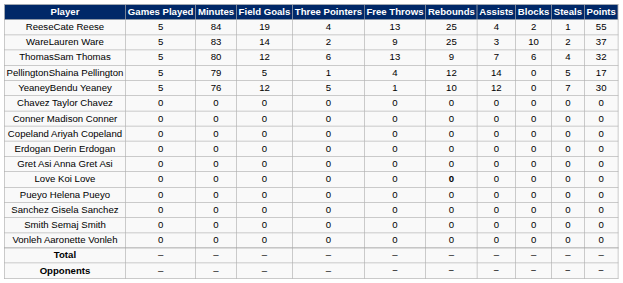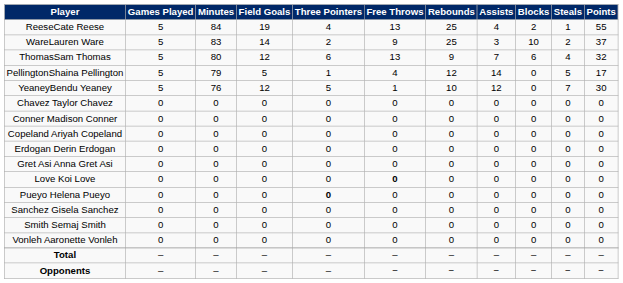 <table class="wikitable sortable">
 <tr align="center"  style="background:#002868;color:#FFFFFF;">
 <td><strong>Player</strong></td>
 <td><strong>Games Played</strong></td>
 <td><strong>Minutes</strong></td>
 <td><strong>Field Goals</strong></td>
 <td><strong>Three Pointers</strong></td>
 <td><strong>Free Throws</strong></td>
 <td><strong>Rebounds</strong></td>
 <td><strong>Assists</strong></td>
 <td><strong>Blocks</strong></td>
 <td><strong>Steals</strong></td>
 <td><strong>Points</strong></td>
 </tr>
 <tr align="center" bgcolor="">
 <td><span>Reese</span>Cate Reese</td>
 <td>5</td>
 <td>84</td>
 <td>19</td>
 <td>4</td>
 <td>13</td>
 <td>25</td>
 <td>4</td>
 <td>2</td>
 <td>1</td>
 <td>55</td>
 </tr>
 <tr align="center" bgcolor="">
 <td><span>Ware</span>Lauren Ware</td>
 <td>5</td>
 <td>83</td>
 <td>14</td>
 <td>2</td>
 <td>9</td>
 <td>25</td>
 <td>3</td>
 <td>10</td>
 <td>2</td>
 <td>37</td>
 </tr>
 <tr align="center" bgcolor="">
 <td><span>Thomas</span>Sam Thomas</td>
 <td>5</td>
 <td>80</td>
 <td>12</td>
 <td>6</td>
 <td>13</td>
 <td>9</td>
 <td>7</td>
 <td>6</td>
 <td>4</td>
 <td>32</td>
 </tr>
 <tr align="center" bgcolor="">
 <td><span>Pellington</span>Shaina Pellington</td>
 <td>5</td>
 <td>79</td>
 <td>5</td>
 <td>1</td>
 <td>4</td>
 <td>12</td>
 <td>14</td>
 <td>0</td>
 <td>5</td>
 <td>17</td>
 </tr>
 <tr align="center" bgcolor="">
 <td><span>Yeaney</span>Bendu Yeaney</td>
 <td>5</td>
 <td>76</td>
 <td>12</td>
 <td>5</td>
 <td>1</td>
 <td>10</td>
 <td>12</td>
 <td>0</td>
 <td>7</td>
 <td>30</td>
 </tr>
 <tr align="center" bgcolor="">
 <td><span>Chavez</span> Taylor Chavez</td>
 <td>0</td>
 <td>0</td>
 <td>0</td>
 <td>0</td>
 <td>0</td>
 <td>0</td>
 <td>0</td>
 <td>0</td>
 <td>0</td>
 <td>0</td>
 </tr>
 <tr align="center" bgcolor="">
 <td><span>Conner</span> Madison Conner</td>
 <td>0</td>
 <td>0</td>
 <td>0</td>
 <td>0</td>
 <td>0</td>
 <td>0</td>
 <td>0</td>
 <td>0</td>
 <td>0</td>
 <td>0</td>
 </tr>
 <tr align="center" bgcolor="">
 <td><span>Copeland</span> Ariyah Copeland</td>
 <td>0</td>
 <td>0</td>
 <td>0</td>
 <td>0</td>
 <td>0</td>
 <td>0</td>
 <td>0</td>
 <td>0</td>
 <td>0</td>
 <td>0</td>
 </tr>
 <tr align="center" bgcolor="">
 <td><span>Erdogan</span> Derin Erdogan</td>
 <td>0</td>
 <td>0</td>
 <td>0</td>
 <td>0</td>
 <td>0</td>
 <td>0</td>
 <td>0</td>
 <td>0</td>
 <td>0</td>
 <td>0</td>
 </tr>
 <tr align="center" bgcolor="">
 <td><span> Gret Asi </span> Anna Gret Asi</td>
 <td>0</td>
 <td>0</td>
 <td>0</td>
 <td>0</td>
 <td>0</td>
 <td>0</td>
 <td>0</td>
 <td>0</td>
 <td>0</td>
 <td>0</td>
 </tr>
 <tr align="center" bgcolor="">
 <td><span>Love</span> Koi Love</td>
 <td>0</td>
 <td>0</td>
 <td>0</td>
 <td>0</td>
+<td><strong>0</strong></td>
 <td>0</td>
-<td><strong>0</strong></td>
 <td>0</td>
 <td>0</td>
 <td>0</td>
 <td>0</td>
 </tr>
 <tr align="center" bgcolor="">
 <td><span>Pueyo</span> Helena Pueyo</td>
 <td>0</td>
 <td>0</td>
 <td>0</td>
-<td>0</td>
+<td><strong>0</strong></td>
 <td>0</td>
 <td>0</td>
 <td>0</td>
 <td>0</td>
 <td>0</td>
 <td>0</td>
 </tr>
 <tr align="center" bgcolor="">
 <td><span>Sanchez</span> Gisela Sanchez</td>
 <td>0</td>
 <td>0</td>
 <td>0</td>
 <td>0</td>
 <td>0</td>
 <td>0</td>
 <td>0</td>
 <td>0</td>
 <td>0</td>
 <td>0</td>
 </tr>
 <tr align="center" bgcolor="">
 <td><span>Smith</span> Semaj Smith</td>
 <td>0</td>
 <td>0</td>
 <td>0</td>
 <td>0</td>
 <td>0</td>
 <td>0</td>
 <td>0</td>
 <td>0</td>
 <td>0</td>
 <td>0</td>
 </tr>
 <tr align="center" bgcolor="">
 <td><span> Vonleh </span> Aaronette Vonleh</td>
 <td>0</td>
 <td>0</td>
 <td>0</td>
 <td>0</td>
 <td>0</td>
 <td>0</td>
 <td>0</td>
 <td>0</td>
 <td>0</td>
 <td>0</td>
 </tr>
 <tr>
 </tr>
 <tr class="sortbottom">
 <td align="center" style=><strong>Total</strong></td>
 <td align="center" style=>–</td>
 <td align="center" style=>–</td>
 <td align="center" style=>–</td>
 <td align="center" style=>–</td>
 <td align="center" style=>–</td>
 <td align="center" style=>–</td>
 <td align="center" style=>–</td>
 <td align="center" style=>–</td>
 <td align="center" style=>–</td>
 <td align="center" style=>–</td>
 </tr>
 <tr class="sortbottom">
 <td align="center"><strong>Opponents</strong></td>
 <td align="center">–</td>
 <td align="center">–</td>
 <td align="center">–</td>
 <td align="center">–</td>
 <td align="center">−</td>
 <td align="center">−</td>
 <td align="center">−</td>
 <td align="center">−</td>
 <td align="center">−</td>
 <td align="center">−</td>
 </tr>
 </table>
